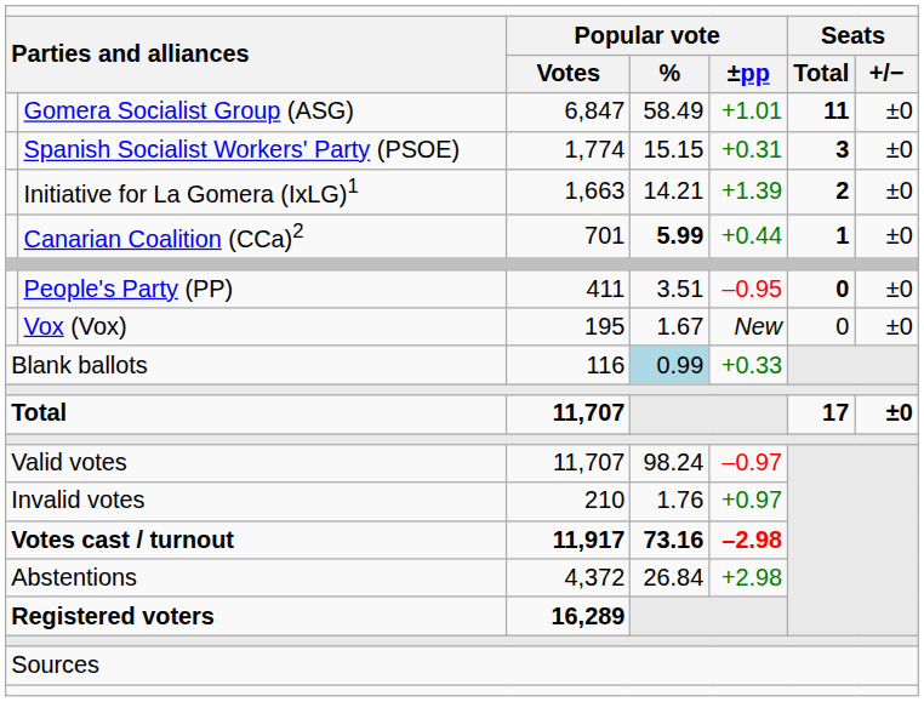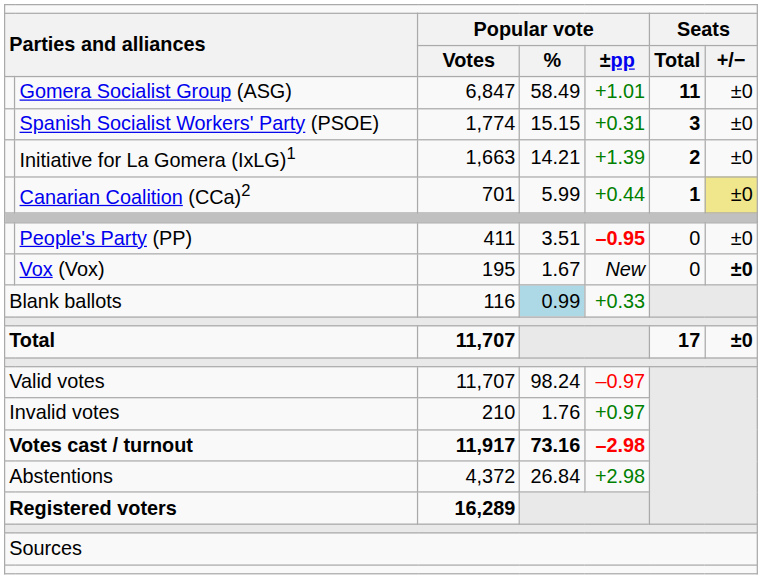 <table class="wikitable" style="text-align:right;">
 <tr>
 <td colspan="7"></td>
 </tr>
 <tr>
 <th style="text-align:left;" rowspan="2" colspan="2" width="525">Parties and alliances</th>
 <th colspan="3">Popular vote</th>
 <th colspan="2">Seats</th>
 </tr>
 <tr>
 <th width="75">Votes</th>
 <th width="45">%</th>
 <th width="45">±<a href='#'>pp</a></th>
 <th width="35">Total</th>
 <th width="35">+/−</th>
 </tr>
 <tr>
 <td width="1" style="color:inherit;background:"></td>
 <td align="left"><a href='#'>Gomera Socialist Group</a> (ASG)</td>
 <td>6,847</td>
 <td>58.49</td>
 <td style="color:green;">+1.01</td>
 <td><strong>11</strong></td>
 <td>±0</td>
 </tr>
 <tr>
 <td style="color:inherit;background:"></td>
 <td align="left"><a href='#'>Spanish Socialist Workers' Party</a> (PSOE)</td>
 <td>1,774</td>
 <td>15.15</td>
 <td style="color:green;">+0.31</td>
 <td><strong>3</strong></td>
 <td>±0</td>
 </tr>
 <tr>
 <td style="color:inherit;background:"></td>
 <td align="left">Initiative for La Gomera (IxLG)<sup>1</sup></td>
 <td>1,663</td>
 <td>14.21</td>
 <td style="color:green;">+1.39</td>
 <td><strong>2</strong></td>
 <td>±0</td>
 </tr>
 <tr>
 <td style="color:inherit;background:"></td>
 <td align="left"><a href='#'>Canarian Coalition</a> (CCa)<sup>2</sup></td>
 <td>701</td>
-<td><strong>5.99</strong></td>
+<td>5.99</td>
 <td style="color:green;">+0.44</td>
 <td><strong>1</strong></td>
-<td>±0</td>
+<td style="background: khaki;">±0</td>
 </tr>
 <tr>
 <td colspan="7" bgcolor="#C0C0C0"></td>
 </tr>
 <tr>
 <td style="color:inherit;background:"></td>
 <td align="left"><a href='#'>People's Party</a> (PP)</td>
 <td>411</td>
 <td>3.51</td>
-<td style="color:red;">–0.95</td>
-<td><strong>0</strong></td>
+<td style="color:red;"><strong>–0.95</strong></td>
+<td>0</td>
 <td>±0</td>
 </tr>
 <tr>
 <td style="color:inherit;background:"></td>
 <td align="left"><a href='#'>Vox</a> (Vox)</td>
 <td>195</td>
 <td>1.67</td>
 <td><em>New</em></td>
 <td>0</td>
-<td>±0</td>
+<td><strong>±0</strong></td>
 </tr>
 <tr>
 <td align="left" colspan="2">Blank ballots</td>
 <td>116</td>
 <td style="background: lightblue;">0.99</td>
 <td style="color:green;">+0.33</td>
 <td bgcolor="#E9E9E9" colspan="2"></td>
 </tr>
 <tr>
 <td colspan="7" bgcolor="#E9E9E9"></td>
 </tr>
 <tr style="font-weight:bold;">
 <td align="left" colspan="2">Total</td>
 <td>11,707</td>
 <td bgcolor="#E9E9E9" colspan="2"></td>
 <td>17</td>
 <td>±0</td>
 </tr>
 <tr>
 <td colspan="7" bgcolor="#E9E9E9"></td>
 </tr>
 <tr>
 <td align="left" colspan="2">Valid votes</td>
 <td>11,707</td>
 <td>98.24</td>
 <td style="color:red;">–0.97</td>
 <td bgcolor="#E9E9E9" colspan="2" rowspan="5"></td>
 </tr>
 <tr>
 <td align="left" colspan="2">Invalid votes</td>
 <td>210</td>
 <td>1.76</td>
 <td style="color:green;">+0.97</td>
 </tr>
 <tr style="font-weight:bold;">
 <td align="left" colspan="2">Votes cast / turnout</td>
 <td>11,917</td>
 <td>73.16</td>
 <td style="color:red;">–2.98</td>
 </tr>
 <tr>
 <td align="left" colspan="2">Abstentions</td>
 <td>4,372</td>
 <td>26.84</td>
 <td style="color:green;">+2.98</td>
 </tr>
 <tr style="font-weight:bold;">
 <td align="left" colspan="2">Registered voters</td>
 <td>16,289</td>
 <td bgcolor="#E9E9E9" colspan="2"></td>
 </tr>
 <tr>
 <td colspan="7" bgcolor="#E9E9E9"></td>
 </tr>
 <tr>
 <td align="left" colspan="7">Sources</td>
 </tr>
 <tr>
 <td colspan="7" style="text-align:left; max-width:790px;"></td>
 </tr>
 </table>
